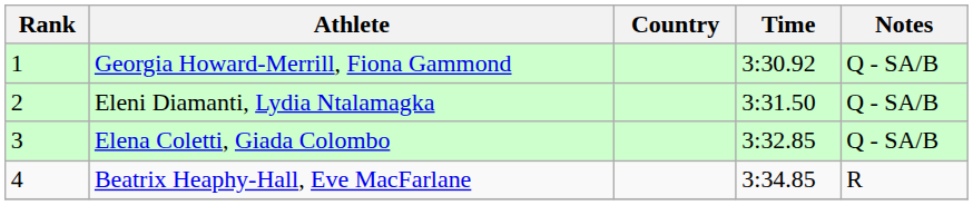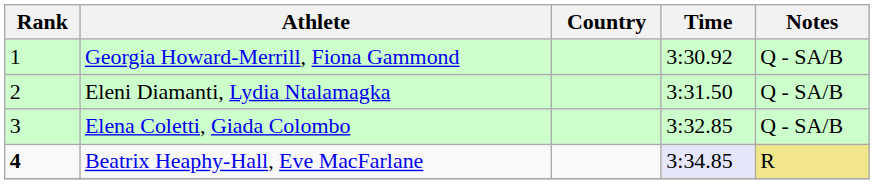 <table class="wikitable" width=50%>
 <tr>
 <th>Rank</th>
 <th>Athlete</th>
 <th>Country</th>
 <th>Time</th>
 <th>Notes</th>
 </tr>
 <tr bgcolor=ccffcc>
 <td>1</td>
 <td><a href='#'>Georgia Howard-Merrill</a>, <a href='#'>Fiona Gammond</a></td>
 <td></td>
 <td>3:30.92</td>
 <td>Q - SA/B</td>
 </tr>
 <tr bgcolor=ccffcc>
 <td>2</td>
 <td>Eleni Diamanti, <a href='#'>Lydia Ntalamagka</a></td>
 <td></td>
 <td>3:31.50</td>
 <td>Q - SA/B</td>
 </tr>
 <tr bgcolor=ccffcc>
 <td>3</td>
 <td><a href='#'>Elena Coletti</a>, <a href='#'>Giada Colombo</a></td>
 <td></td>
 <td>3:32.85</td>
 <td>Q - SA/B</td>
 </tr>
 <tr>
-<td>4</td>
+<td><strong>4</strong></td>
 <td><a href='#'>Beatrix Heaphy-Hall</a>, <a href='#'>Eve MacFarlane</a></td>
 <td></td>
-<td>3:34.85</td>
-<td>R</td>
+<td style="background: lavender;">3:34.85</td>
+<td style="background: khaki;">R</td>
 </tr>
 <tr>
 </tr>
 </table>
